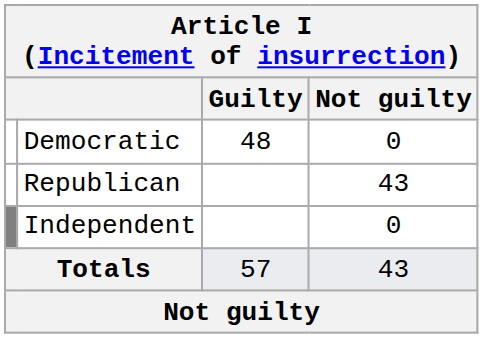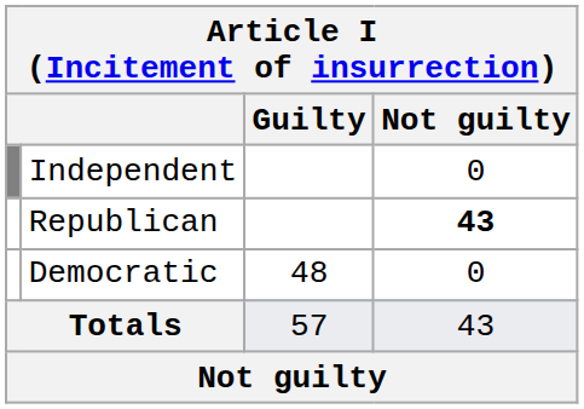 <table class="wikitable" style="text-align:center;background:white;">
 <tr>
 <th scope="col" colspan="4">Article I<br>(<a href='#'>Incitement</a> of <a href='#'>insurrection</a>)</th>
 </tr>
 <tr>
 <th scope="col" colspan="2"></th>
 <th scope="col">Guilty</th>
 <th scope="col">Not guilty</th>
 </tr>
 <tr>
-<td style="background-color:"></td>
-<td style="text-align:left;">Democratic</td>
-<td>48</td>
+<td style="background:gray;"></td>
+<td style="text-align:left;">Independent</td>
+<td></td>
 <td>0</td>
 </tr>
 <tr>
 <td style="background-color:"></td>
 <td style="text-align:left;">Republican</td>
 <td></td>
-<td>43</td>
+<td><strong>43</strong></td>
 </tr>
 <tr>
-<td style="background:gray;"></td>
-<td style="text-align:left;">Independent</td>
-<td></td>
+<td style="background-color:"></td>
+<td style="text-align:left;">Democratic</td>
+<td>48</td>
 <td>0</td>
 </tr>
 <tr style="background:#EAECF0;">
 <th scope="row" colspan="2">Totals</th>
 <td>57</td>
 <td>43</td>
 </tr>
 <tr>
 <th colspan="4">Not guilty</th>
 </tr>
 </table>
